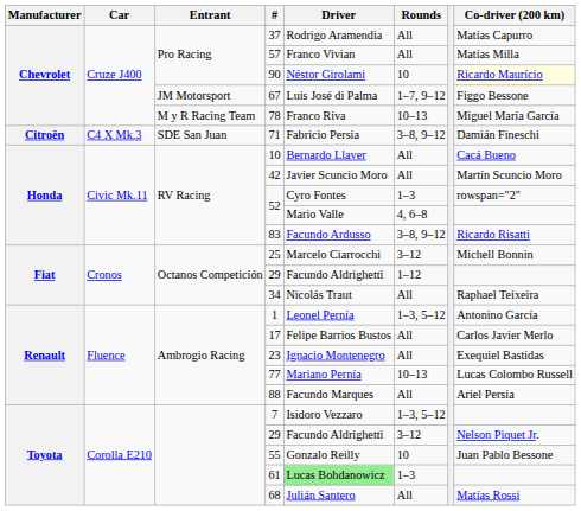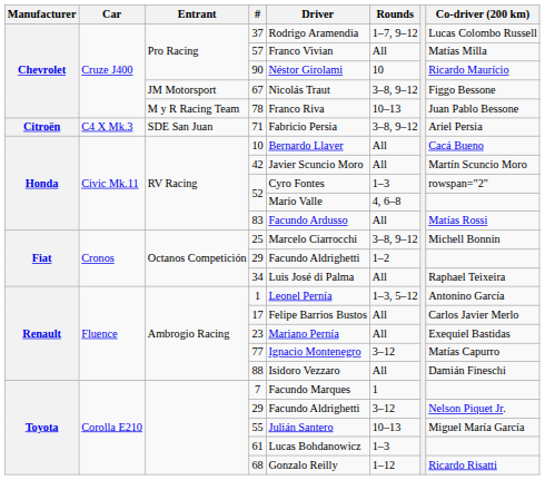 <table class="wikitable" style="font-size: 90%;">
 <tr>
 <th>Manufacturer</th>
 <th>Car</th>
 <th>Entrant<br></th>
 <th>#</th>
 <th>Driver</th>
 <th>Rounds</th>
 <th rowspan="37"></th>
 <th>Co-driver (200 km)</th>
 </tr>
 <tr>
 <th rowspan="5"><a href='#'>Chevrolet</a></th>
 <td rowspan="5"><a href='#'>Cruze J400</a></td>
 <td rowspan="3">Pro Racing<br></td>
 <td align="center">37</td>
 <td> Rodrigo Aramendia</td>
-<td>All</td>
-<td> Matías Capurro</td>
+<td>1–7, 9–12</td>
+<td> Lucas Colombo Russell</td>
 </tr>
 <tr>
 <td align="center">57</td>
 <td> Franco Vivian</td>
 <td>All</td>
 <td> Matías Milla</td>
 </tr>
 <tr>
 <td>90</td>
 <td> <a href='#'>Néstor Girolami</a></td>
 <td>10</td>
-<td style="background: lightyellow;"> <a href='#'>Ricardo Maurício</a></td>
+<td> <a href='#'>Ricardo Maurício</a></td>
 </tr>
 <tr>
 <td>JM Motorsport</td>
 <td align="center">67</td>
-<td> Luis José di Palma</td>
-<td>1–7, 9–12</td>
+<td> Nicolás Traut</td>
+<td>3–8, 9–12</td>
 <td> Figgo Bessone</td>
 </tr>
 <tr>
 <td>M y R Racing Team</td>
 <td>78</td>
 <td> Franco Riva</td>
 <td>10–13</td>
-<td> Miguel María García</td>
+<td> Juan Pablo Bessone</td>
 </tr>
 <tr>
 <th><a href='#'>Citroën</a></th>
 <td><a href='#'>C4 X Mk.3</a></td>
 <td>SDE San Juan</td>
 <td align="center">71</td>
 <td> Fabricio Persia</td>
 <td>3–8, 9–12</td>
-<td> Damián Fineschi</td>
+<td> Ariel Persia</td>
 </tr>
 <tr>
 <th rowspan="5"><a href='#'>Honda</a></th>
 <td rowspan="5"><a href='#'>Civic Mk.11</a></td>
 <td rowspan="5">RV Racing<br></td>
 <td align="center">10</td>
 <td> <a href='#'>Bernardo Llaver</a></td>
 <td>All</td>
 <td> <a href='#'>Cacá Bueno</a></td>
 </tr>
 <tr>
 <td align="center">42</td>
 <td> Javier Scuncio Moro</td>
 <td>All</td>
 <td> Martín Scuncio Moro</td>
 </tr>
 <tr>
 <td rowspan="2" align="center">52</td>
 <td> Cyro Fontes</td>
 <td>1–3</td>
 <td>rowspan="2" </td>
 </tr>
 <tr>
 <td> Mario Valle</td>
 <td>4, 6–8</td>
 </tr>
 <tr>
 <td align="center">83</td>
 <td> <a href='#'>Facundo Ardusso</a></td>
-<td>3–8, 9–12</td>
-<td> <a href='#'>Ricardo Risatti</a></td>
+<td>All</td>
+<td> <a href='#'>Matías Rossi</a></td>
 </tr>
 <tr>
 <th rowspan="3"><a href='#'>Fiat</a></th>
 <td rowspan="3"><a href='#'>Cronos</a></td>
 <td rowspan="3">Octanos Competición</td>
 <td align="center">25</td>
 <td> Marcelo Ciarrocchi</td>
-<td>3–12</td>
+<td>3–8, 9–12</td>
 <td> Michell Bonnin</td>
 </tr>
 <tr>
 <td align="center">29</td>
 <td> Facundo Aldrighetti</td>
-<td>1–12</td>
+<td>1–2</td>
 <td></td>
 </tr>
 <tr>
 <td align="center">34</td>
-<td> Nicolás Traut</td>
+<td> Luis José di Palma</td>
 <td>All</td>
 <td> Raphael Teixeira</td>
 </tr>
 <tr>
 <th rowspan="5"><a href='#'>Renault</a></th>
 <td rowspan="5"><a href='#'>Fluence</a></td>
 <td rowspan="5">Ambrogio Racing<br></td>
 <td align="center">1</td>
 <td> <a href='#'>Leonel Pernía</a></td>
 <td>1–3, 5–12</td>
 <td> Antonino García</td>
 </tr>
 <tr>
 <td align="center">17</td>
 <td> Felipe Barrios Bustos</td>
 <td>All</td>
 <td> Carlos Javier Merlo</td>
 </tr>
 <tr>
 <td align="center">23</td>
-<td> <a href='#'>Ignacio Montenegro</a></td>
+<td> <a href='#'>Mariano Pernía</a></td>
 <td>All</td>
 <td> Exequiel Bastidas</td>
 </tr>
 <tr>
 <td align="center">77</td>
-<td> <a href='#'>Mariano Pernía</a></td>
-<td>10–13</td>
-<td> Lucas Colombo Russell</td>
+<td> <a href='#'>Ignacio Montenegro</a></td>
+<td>3–12</td>
+<td> Matías Capurro</td>
 </tr>
 <tr>
 <td align="center">88</td>
-<td> Facundo Marques</td>
+<td> Isidoro Vezzaro</td>
 <td>All</td>
-<td> Ariel Persia</td>
+<td> Damián Fineschi</td>
 </tr>
 <tr>
 <th rowspan="5"><a href='#'>Toyota</a></th>
 <td rowspan="5"><a href='#'>Corolla E210</a></td>
 <td rowspan="5"><br></td>
 <td align="center">7</td>
-<td> Isidoro Vezzaro</td>
-<td>1–3, 5–12</td>
+<td> Facundo Marques</td>
+<td>1</td>
 <td></td>
 </tr>
 <tr>
 <td align="center">29</td>
 <td> Facundo Aldrighetti</td>
 <td>3–12</td>
 <td> <a href='#'>Nelson Piquet Jr</a>.</td>
 </tr>
 <tr>
 <td>55</td>
-<td> Gonzalo Reilly</td>
-<td>10</td>
-<td> Juan Pablo Bessone</td>
+<td> <a href='#'>Julián Santero</a></td>
+<td>10–13</td>
+<td> Miguel María García</td>
 </tr>
 <tr>
 <td align="center">61</td>
-<td style="background: lightgreen;"> Lucas Bohdanowicz</td>
+<td> Lucas Bohdanowicz</td>
 <td>1–3</td>
 <td></td>
 </tr>
 <tr>
 <td align="center">68</td>
-<td> <a href='#'>Julián Santero</a></td>
-<td>All</td>
-<td> <a href='#'>Matías Rossi</a></td>
+<td> Gonzalo Reilly</td>
+<td>1–12</td>
+<td> <a href='#'>Ricardo Risatti</a></td>
 </tr>
 </table>
